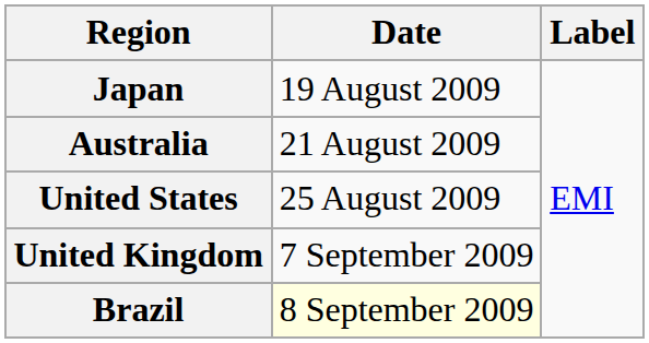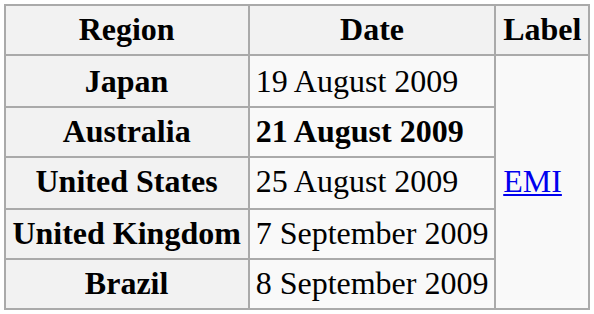 <table class="wikitable plainrowheaders">
 <tr>
 <th>Region</th>
 <th>Date</th>
 <th>Label</th>
 </tr>
 <tr>
 <th scope="row">Japan</th>
 <td>19 August 2009</td>
 <td rowspan="5"><a href='#'>EMI</a></td>
 </tr>
 <tr>
 <th scope="row">Australia</th>
-<td>21 August 2009</td>
+<td><strong>21 August 2009</strong></td>
 </tr>
 <tr>
 <th scope="row">United States</th>
 <td>25 August 2009</td>
 </tr>
 <tr>
 <th scope="row">United Kingdom</th>
 <td>7 September 2009</td>
 </tr>
 <tr>
 <th scope="row">Brazil</th>
-<td style="background: lightyellow;">8 September 2009</td>
+<td>8 September 2009</td>
 </tr>
 </table>
